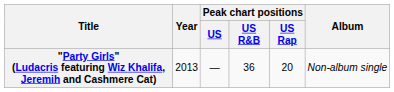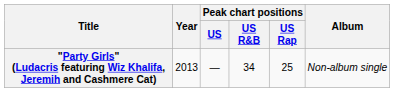 <table class="wikitable plainrowheaders" style="text-align:center;">
 <tr>
 <th rowspan="2" scope="col" style="width:16em;">Title</th>
 <th rowspan="2" scope="col">Year</th>
 <th colspan="3">Peak chart positions</th>
 <th scope="col" rowspan="2">Album</th>
 </tr>
 <tr>
 <th><a href='#'>US</a></th>
 <th><a href='#'>US<br>R&B</a></th>
 <th><a href='#'>US<br>Rap</a></th>
 </tr>
 <tr>
 <th scope="row">"<a href='#'>Party Girls</a>"<br><span>(<a href='#'>Ludacris</a> featuring <a href='#'>Wiz Khalifa</a>, <a href='#'>Jeremih</a> and Cashmere Cat)</span></th>
 <td>2013</td>
 <td>—</td>
-<td>36</td>
-<td>20</td>
+<td>34</td>
+<td>25</td>
 <td><em>Non-album single</em></td>
 </tr>
 </table>
